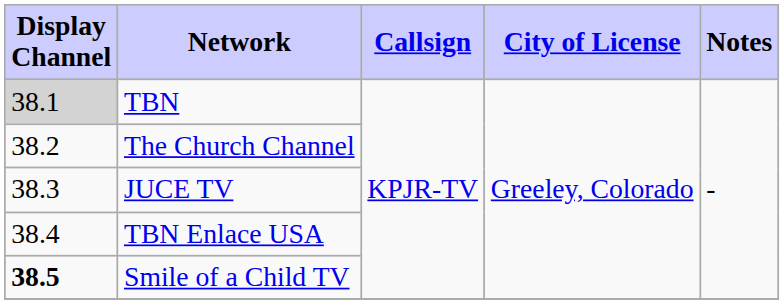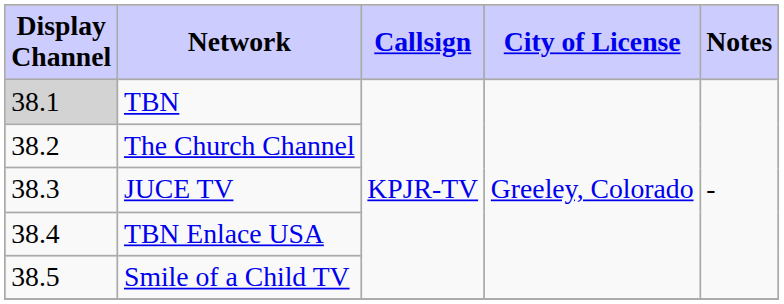 <table class="wikitable" border="1">
 <tr>
 <th style="background:#ccccff;"><strong>Display<br>Channel</strong></th>
 <th style="background:#ccccff;"><strong>Network</strong></th>
 <th style="background:#ccccff;"><strong><a href='#'>Callsign</a></strong></th>
 <th style="background:#ccccff;"><strong><a href='#'>City of License</a></strong></th>
 <th style="background:#ccccff;"><strong>Notes</strong></th>
 </tr>
 <tr>
 <td rowspan=1 style="background: lightgrey;">38.1</td>
 <td rowspan=1><a href='#'>TBN</a></td>
 <td rowspan=5><a href='#'>KPJR-TV</a></td>
 <td rowspan=5><a href='#'>Greeley, Colorado</a></td>
 <td rowspan=5>-</td>
 </tr>
 <tr>
 <td>38.2</td>
 <td><a href='#'>The Church Channel</a></td>
 </tr>
 <tr>
 <td>38.3</td>
 <td><a href='#'>JUCE TV</a></td>
 </tr>
 <tr>
 <td>38.4</td>
 <td><a href='#'>TBN Enlace USA</a></td>
 </tr>
 <tr>
-<td><strong>38.5</strong></td>
+<td>38.5</td>
 <td><a href='#'>Smile of a Child TV</a></td>
 </tr>
 <tr>
 </tr>
 </table>
